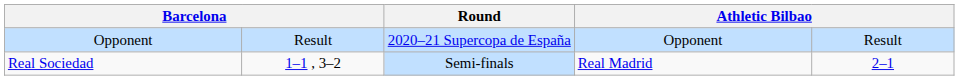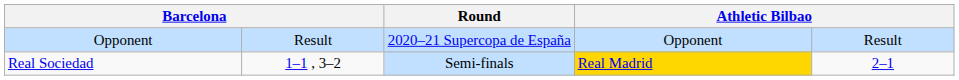 <table class="wikitable" style="text-align:center; white-space:nowrap;">
 <tr>
 <th colspan="2"><a href='#'>Barcelona</a></th>
 <th>Round</th>
 <th colspan="2"><a href='#'>Athletic Bilbao</a></th>
 </tr>
 <tr style="background:#C1E0FF;">
 <td style="width:25%;">Opponent</td>
 <td style="width:15%;">Result</td>
 <td><a href='#'>2020–21 Supercopa de España</a></td>
 <td style="width:25%;">Opponent</td>
 <td style="width:15%;">Result</td>
 </tr>
 <tr>
 <td style="text-align:left;"><a href='#'>Real Sociedad</a></td>
 <td><a href='#'>1–1</a> , 3–2 </td>
 <td style="background:#C1E0FF;">Semi-finals</td>
-<td style="text-align:left;"><a href='#'>Real Madrid</a></td>
+<td style="background: gold; text-align:left;"><a href='#'>Real Madrid</a></td>
 <td><a href='#'>2–1</a></td>
 </tr>
 </table>
